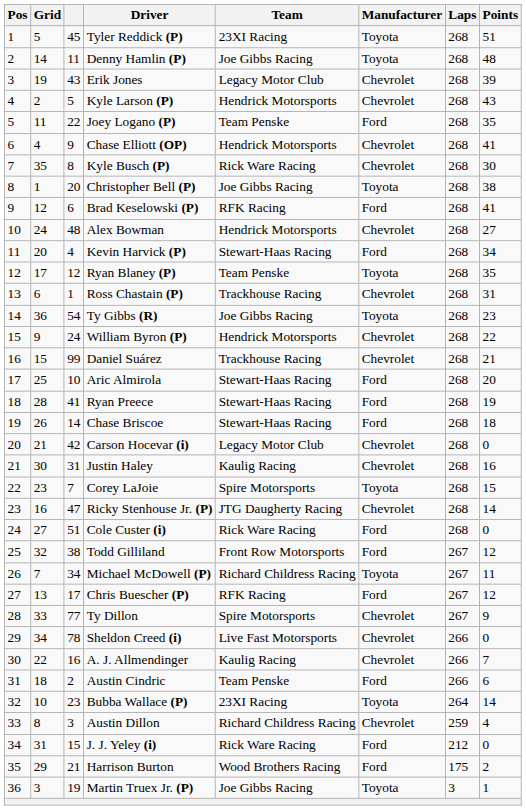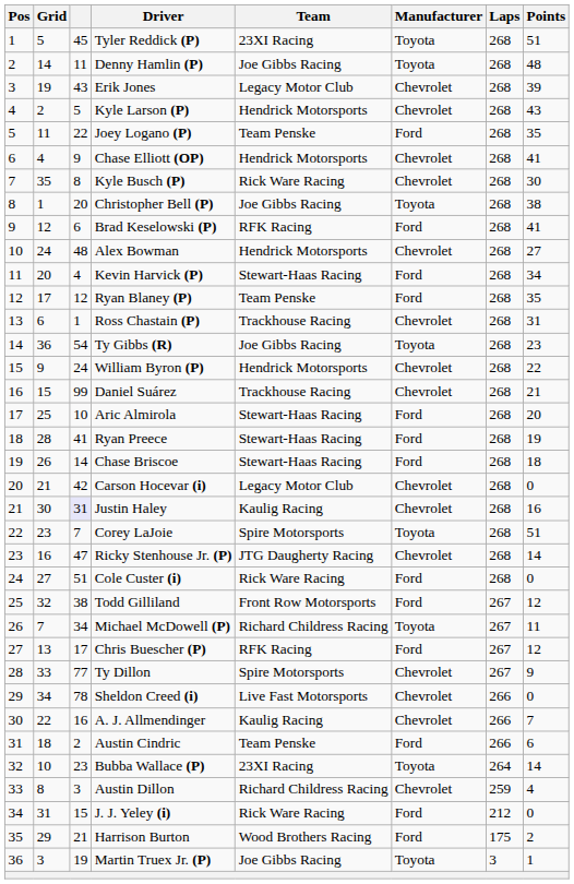 <table class="wikitable" style="font-size:98%">
 <tr>
 <th>Pos</th>
 <th>Grid</th>
 <th></th>
 <th>Driver</th>
 <th>Team</th>
 <th>Manufacturer</th>
 <th>Laps</th>
 <th>Points</th>
 </tr>
 <tr>
 <td>1</td>
 <td>5</td>
 <td>45</td>
 <td>Tyler Reddick <strong>(P)</strong></td>
 <td>23XI Racing</td>
 <td>Toyota</td>
 <td>268</td>
 <td>51</td>
 </tr>
 <tr>
 <td>2</td>
 <td>14</td>
 <td>11</td>
 <td>Denny Hamlin <strong>(P)</strong></td>
 <td>Joe Gibbs Racing</td>
 <td>Toyota</td>
 <td>268</td>
 <td>48</td>
 </tr>
 <tr>
 <td>3</td>
 <td>19</td>
 <td>43</td>
 <td>Erik Jones</td>
 <td>Legacy Motor Club</td>
 <td>Chevrolet</td>
 <td>268</td>
 <td>39</td>
 </tr>
 <tr>
 <td>4</td>
 <td>2</td>
 <td>5</td>
 <td>Kyle Larson <strong>(P)</strong></td>
 <td>Hendrick Motorsports</td>
 <td>Chevrolet</td>
 <td>268</td>
 <td>43</td>
 </tr>
 <tr>
 <td>5</td>
 <td>11</td>
 <td>22</td>
 <td>Joey Logano <strong>(P)</strong></td>
 <td>Team Penske</td>
 <td>Ford</td>
 <td>268</td>
 <td>35</td>
 </tr>
 <tr>
 <td>6</td>
 <td>4</td>
 <td>9</td>
 <td>Chase Elliott <strong>(OP)</strong></td>
 <td>Hendrick Motorsports</td>
 <td>Chevrolet</td>
 <td>268</td>
 <td>41</td>
 </tr>
 <tr>
 <td>7</td>
 <td>35</td>
 <td>8</td>
 <td>Kyle Busch <strong>(P)</strong></td>
 <td>Rick Ware Racing</td>
 <td>Chevrolet</td>
 <td>268</td>
 <td>30</td>
 </tr>
 <tr>
 <td>8</td>
 <td>1</td>
 <td>20</td>
 <td>Christopher Bell <strong>(P)</strong></td>
 <td>Joe Gibbs Racing</td>
 <td>Toyota</td>
 <td>268</td>
 <td>38</td>
 </tr>
 <tr>
 <td>9</td>
 <td>12</td>
 <td>6</td>
 <td>Brad Keselowski <strong>(P)</strong></td>
 <td>RFK Racing</td>
 <td>Ford</td>
 <td>268</td>
 <td>41</td>
 </tr>
 <tr>
 <td>10</td>
 <td>24</td>
 <td>48</td>
 <td>Alex Bowman</td>
 <td>Hendrick Motorsports</td>
 <td>Chevrolet</td>
 <td>268</td>
 <td>27</td>
 </tr>
 <tr>
 <td>11</td>
 <td>20</td>
 <td>4</td>
 <td>Kevin Harvick <strong>(P)</strong></td>
 <td>Stewart-Haas Racing</td>
 <td>Ford</td>
 <td>268</td>
 <td>34</td>
 </tr>
 <tr>
 <td>12</td>
 <td>17</td>
 <td>12</td>
 <td>Ryan Blaney <strong>(P)</strong></td>
 <td>Team Penske</td>
-<td>Toyota</td>
+<td>Ford</td>
 <td>268</td>
 <td>35</td>
 </tr>
 <tr>
 <td>13</td>
 <td>6</td>
 <td>1</td>
 <td>Ross Chastain <strong>(P)</strong></td>
 <td>Trackhouse Racing</td>
 <td>Chevrolet</td>
 <td>268</td>
 <td>31</td>
 </tr>
 <tr>
 <td>14</td>
 <td>36</td>
 <td>54</td>
 <td>Ty Gibbs <strong>(R)</strong></td>
 <td>Joe Gibbs Racing</td>
 <td>Toyota</td>
 <td>268</td>
 <td>23</td>
 </tr>
 <tr>
 <td>15</td>
 <td>9</td>
 <td>24</td>
 <td>William Byron <strong>(P)</strong></td>
 <td>Hendrick Motorsports</td>
 <td>Chevrolet</td>
 <td>268</td>
 <td>22</td>
 </tr>
 <tr>
 <td>16</td>
 <td>15</td>
 <td>99</td>
 <td>Daniel Suárez</td>
 <td>Trackhouse Racing</td>
 <td>Chevrolet</td>
 <td>268</td>
 <td>21</td>
 </tr>
 <tr>
 <td>17</td>
 <td>25</td>
 <td>10</td>
 <td>Aric Almirola</td>
 <td>Stewart-Haas Racing</td>
 <td>Ford</td>
 <td>268</td>
 <td>20</td>
 </tr>
 <tr>
 <td>18</td>
 <td>28</td>
 <td>41</td>
 <td>Ryan Preece</td>
 <td>Stewart-Haas Racing</td>
 <td>Ford</td>
 <td>268</td>
 <td>19</td>
 </tr>
 <tr>
 <td>19</td>
 <td>26</td>
 <td>14</td>
 <td>Chase Briscoe</td>
 <td>Stewart-Haas Racing</td>
 <td>Ford</td>
 <td>268</td>
 <td>18</td>
 </tr>
 <tr>
 <td>20</td>
 <td>21</td>
 <td>42</td>
 <td>Carson Hocevar <strong>(i)</strong></td>
 <td>Legacy Motor Club</td>
 <td>Chevrolet</td>
 <td>268</td>
 <td>0</td>
 </tr>
 <tr>
 <td>21</td>
 <td>30</td>
-<td>31</td>
+<td style="background: lavender;">31</td>
 <td>Justin Haley</td>
 <td>Kaulig Racing</td>
 <td>Chevrolet</td>
 <td>268</td>
 <td>16</td>
 </tr>
 <tr>
 <td>22</td>
 <td>23</td>
 <td>7</td>
 <td>Corey LaJoie</td>
 <td>Spire Motorsports</td>
 <td>Toyota</td>
 <td>268</td>
-<td>15</td>
+<td>51</td>
 </tr>
 <tr>
 <td>23</td>
 <td>16</td>
 <td>47</td>
 <td>Ricky Stenhouse Jr. <strong>(P)</strong></td>
 <td>JTG Daugherty Racing</td>
 <td>Chevrolet</td>
 <td>268</td>
 <td>14</td>
 </tr>
 <tr>
 <td>24</td>
 <td>27</td>
 <td>51</td>
 <td>Cole Custer <strong>(i)</strong></td>
 <td>Rick Ware Racing</td>
 <td>Ford</td>
 <td>268</td>
 <td>0</td>
 </tr>
 <tr>
 <td>25</td>
 <td>32</td>
 <td>38</td>
 <td>Todd Gilliland</td>
 <td>Front Row Motorsports</td>
 <td>Ford</td>
 <td>267</td>
 <td>12</td>
 </tr>
 <tr>
 <td>26</td>
 <td>7</td>
 <td>34</td>
 <td>Michael McDowell <strong>(P)</strong></td>
 <td>Richard Childress Racing</td>
 <td>Toyota</td>
 <td>267</td>
 <td>11</td>
 </tr>
 <tr>
 <td>27</td>
 <td>13</td>
 <td>17</td>
 <td>Chris Buescher <strong>(P)</strong></td>
 <td>RFK Racing</td>
 <td>Ford</td>
 <td>267</td>
 <td>12</td>
 </tr>
 <tr>
 <td>28</td>
 <td>33</td>
 <td>77</td>
 <td>Ty Dillon</td>
 <td>Spire Motorsports</td>
 <td>Chevrolet</td>
 <td>267</td>
 <td>9</td>
 </tr>
 <tr>
 <td>29</td>
 <td>34</td>
 <td>78</td>
 <td>Sheldon Creed <strong>(i)</strong></td>
 <td>Live Fast Motorsports</td>
 <td>Chevrolet</td>
 <td>266</td>
 <td>0</td>
 </tr>
 <tr>
 <td>30</td>
 <td>22</td>
 <td>16</td>
 <td>A. J. Allmendinger</td>
 <td>Kaulig Racing</td>
 <td>Chevrolet</td>
 <td>266</td>
 <td>7</td>
 </tr>
 <tr>
 <td>31</td>
 <td>18</td>
 <td>2</td>
 <td>Austin Cindric</td>
 <td>Team Penske</td>
 <td>Ford</td>
 <td>266</td>
 <td>6</td>
 </tr>
 <tr>
 <td>32</td>
 <td>10</td>
 <td>23</td>
 <td>Bubba Wallace <strong>(P)</strong></td>
 <td>23XI Racing</td>
 <td>Toyota</td>
 <td>264</td>
 <td>14</td>
 </tr>
 <tr>
 <td>33</td>
 <td>8</td>
 <td>3</td>
 <td>Austin Dillon</td>
 <td>Richard Childress Racing</td>
 <td>Chevrolet</td>
 <td>259</td>
 <td>4</td>
 </tr>
 <tr>
 <td>34</td>
 <td>31</td>
 <td>15</td>
 <td>J. J. Yeley <strong>(i)</strong></td>
 <td>Rick Ware Racing</td>
 <td>Ford</td>
 <td>212</td>
 <td>0</td>
 </tr>
 <tr>
 <td>35</td>
 <td>29</td>
 <td>21</td>
 <td>Harrison Burton</td>
 <td>Wood Brothers Racing</td>
 <td>Ford</td>
 <td>175</td>
 <td>2</td>
 </tr>
 <tr>
 <td>36</td>
 <td>3</td>
 <td>19</td>
 <td>Martin Truex Jr. <strong>(P)</strong></td>
 <td>Joe Gibbs Racing</td>
 <td>Toyota</td>
 <td>3</td>
 <td>1</td>
 </tr>
 <tr>
 <th colspan="8"></th>
 </tr>
 </table>
